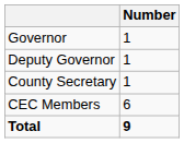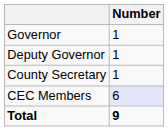 <table class="wikitable">
 <tr>
 <th></th>
 <th>Number</th>
 </tr>
 <tr>
 <td>Governor</td>
 <td>1</td>
 </tr>
 <tr>
 <td>Deputy Governor</td>
 <td>1</td>
 </tr>
 <tr>
 <td>County Secretary</td>
 <td>1</td>
 </tr>
 <tr>
 <td>CEC Members</td>
-<td>6</td>
+<td style="background: lavender;">6</td>
 </tr>
 <tr>
 <td><strong>Total</strong></td>
 <td><strong>9</strong></td>
 </tr>
 </table>
